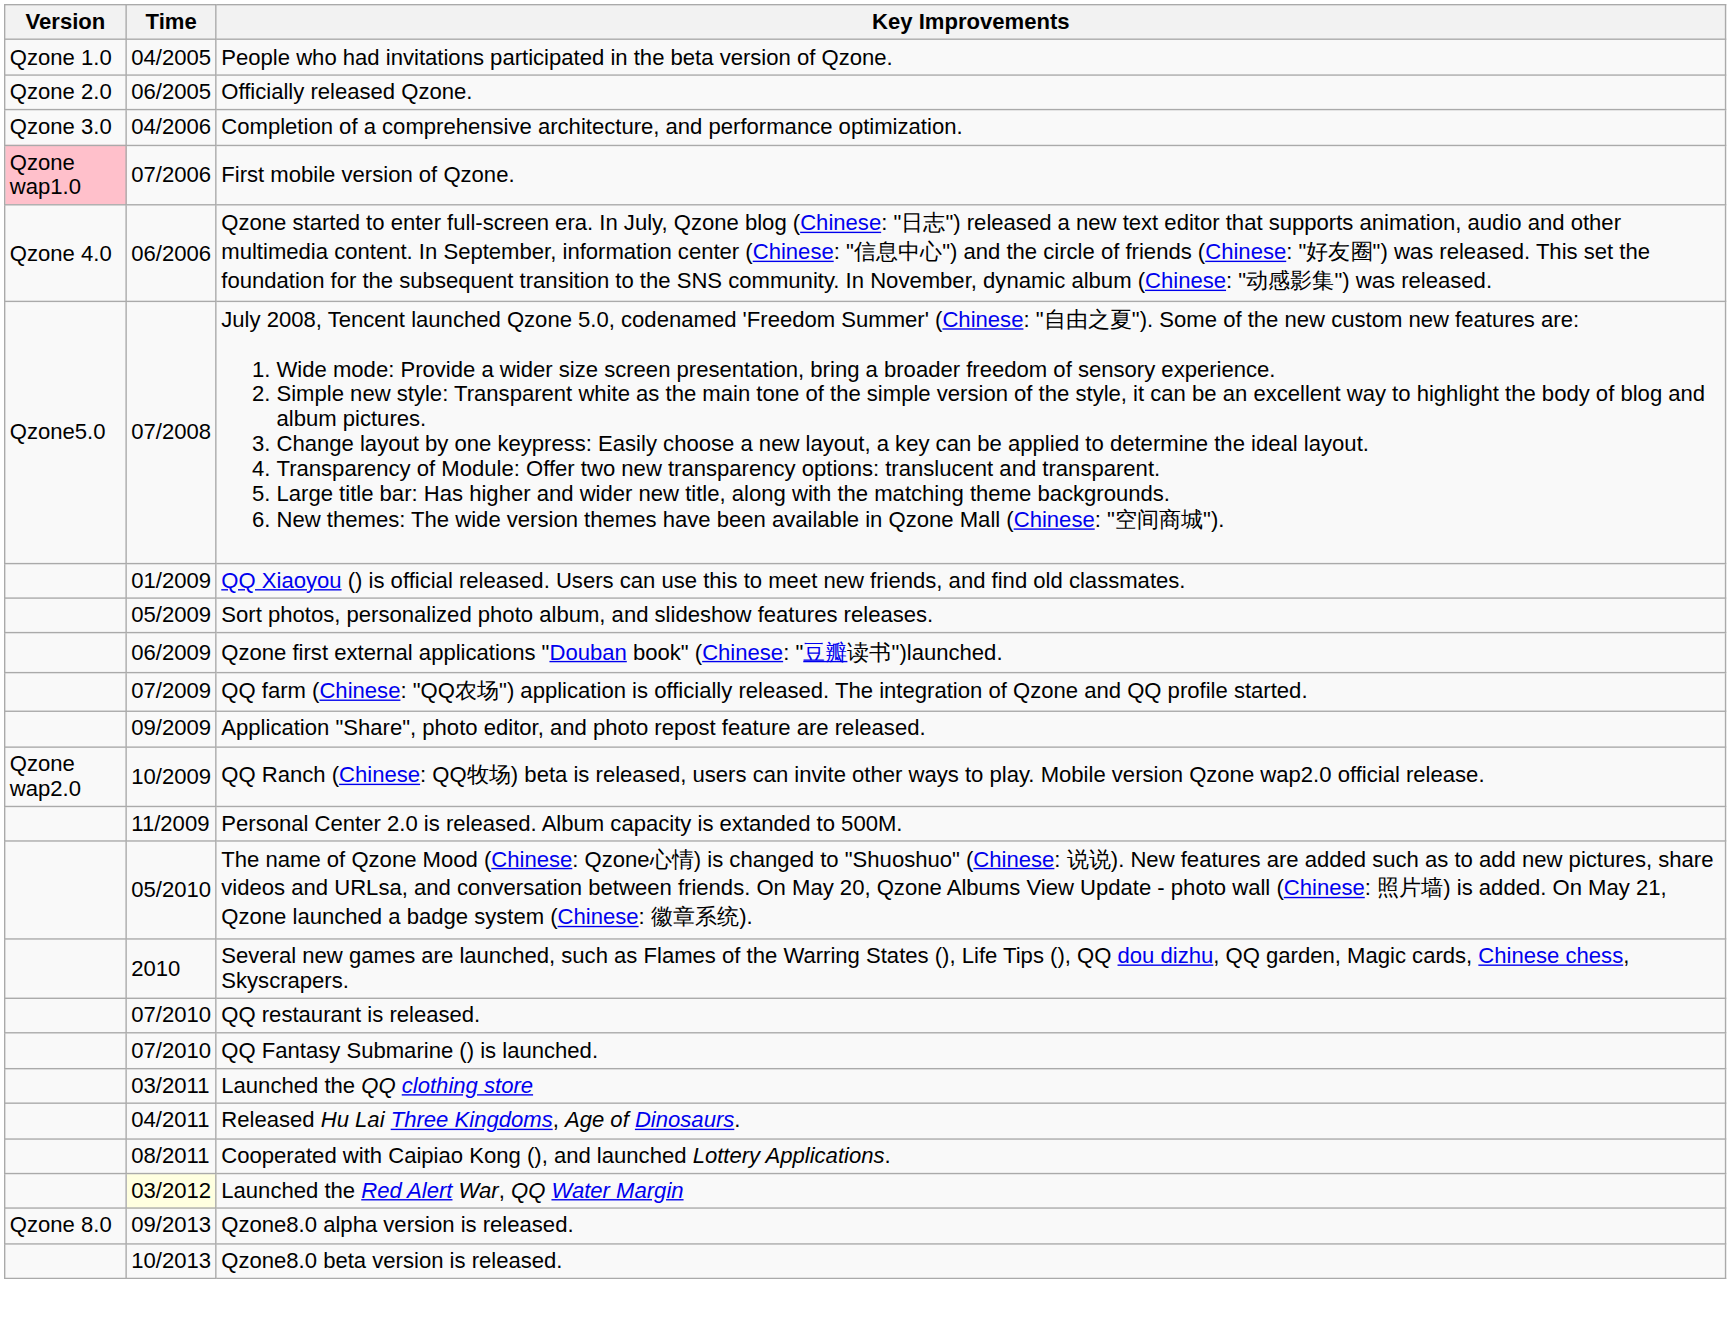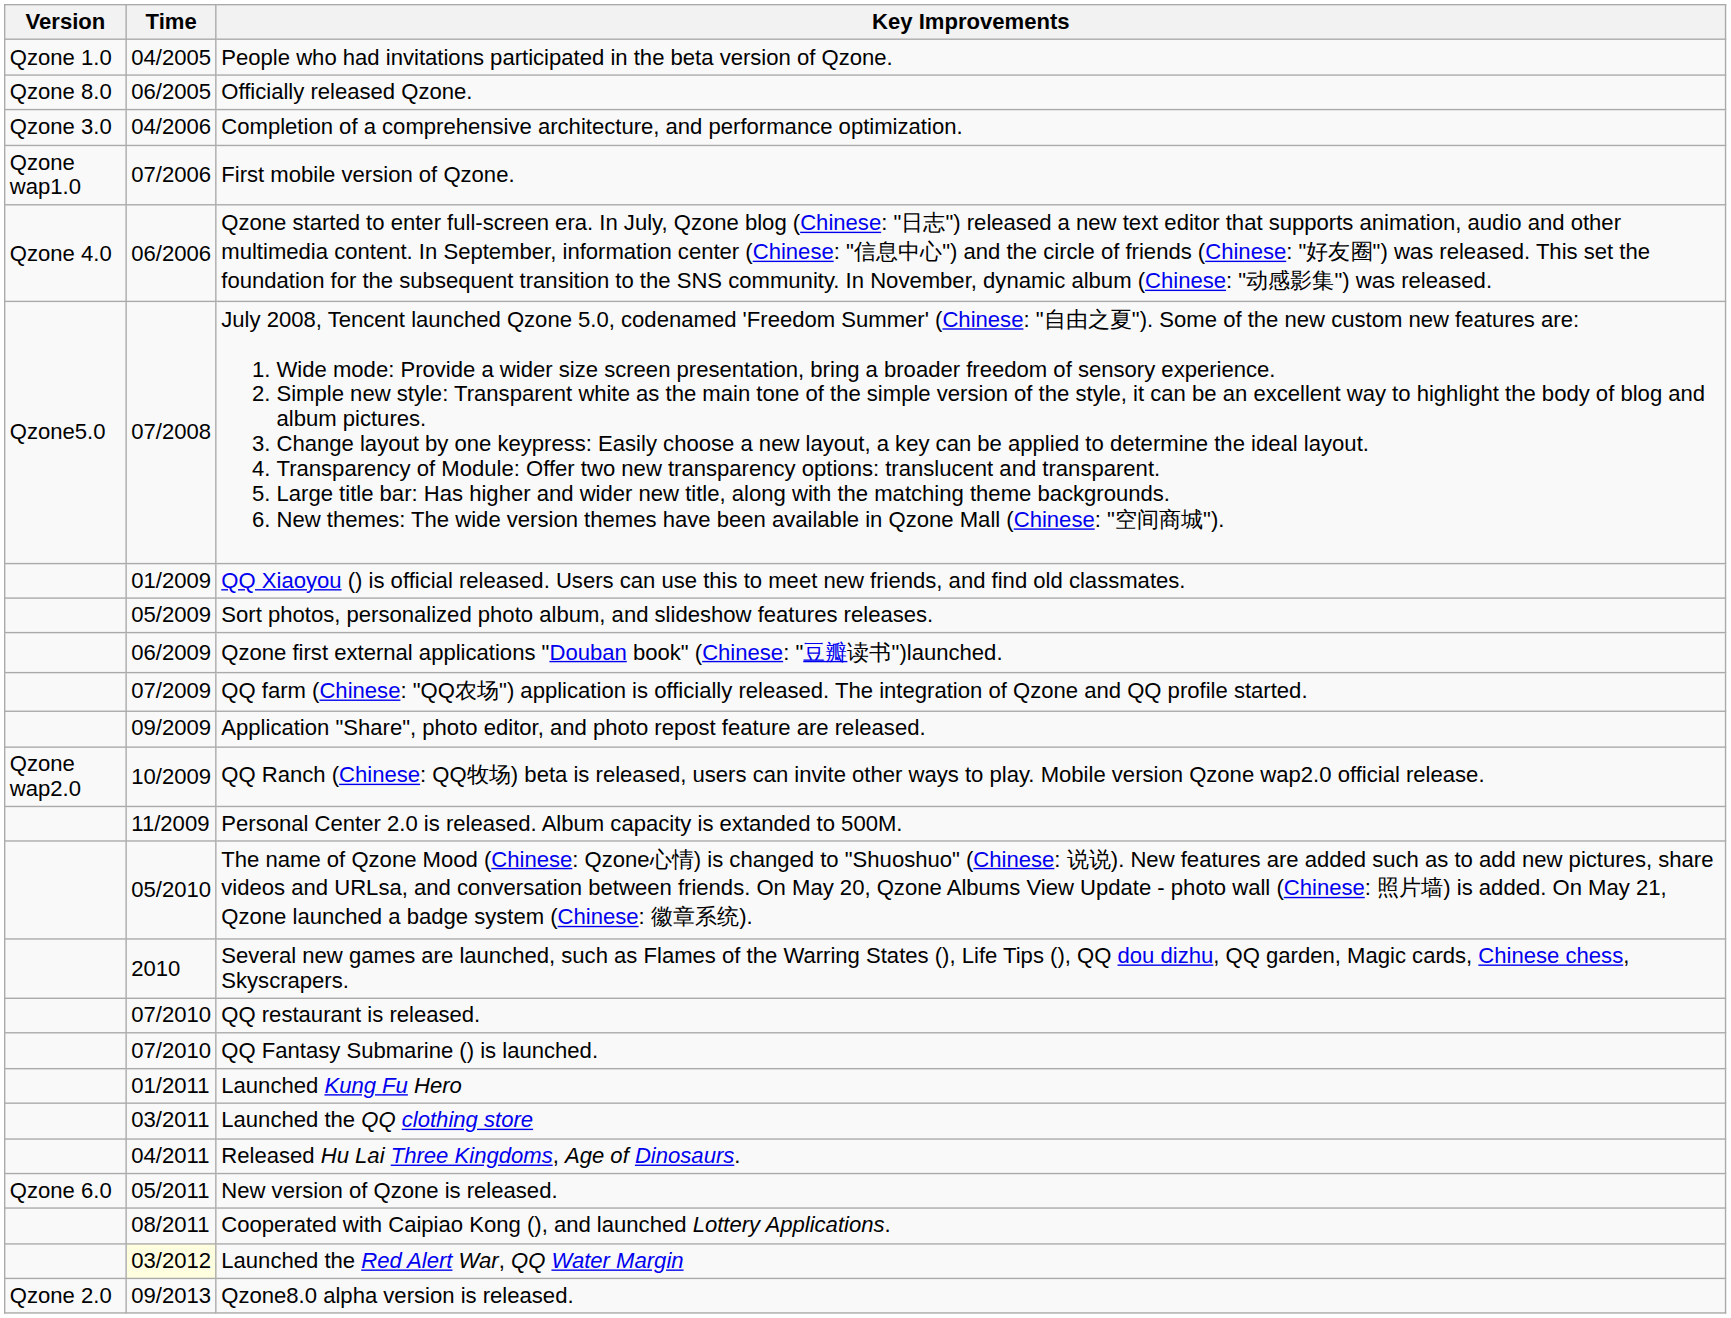 <table class="wikitable">
 <tr>
 <th>Version</th>
 <th>Time</th>
 <th>Key Improvements</th>
 </tr>
 <tr>
 <td>Qzone 1.0</td>
 <td>04/2005</td>
 <td>People who had invitations participated in the beta version of Qzone.</td>
 </tr>
 <tr>
-<td>Qzone 2.0</td>
+<td>Qzone 8.0</td>
 <td>06/2005</td>
 <td>Officially released Qzone.</td>
 </tr>
 <tr>
 <td>Qzone 3.0</td>
 <td>04/2006</td>
 <td>Completion of a comprehensive architecture, and performance optimization.</td>
 </tr>
 <tr>
-<td style="background: pink;">Qzone wap1.0</td>
+<td>Qzone wap1.0</td>
 <td>07/2006</td>
 <td>First mobile version of Qzone.</td>
 </tr>
 <tr>
 <td>Qzone 4.0</td>
 <td>06/2006</td>
 <td>Qzone started to enter full-screen era. In July, Qzone blog (<a href='#'>Chinese</a>: "日志") released a new text editor that supports animation, audio and other multimedia content. In September, information center (<a href='#'>Chinese</a>: "信息中心") and the circle of friends (<a href='#'>Chinese</a>: "好友圈") was released. This set the foundation for the subsequent transition to the SNS community. In November, dynamic album (<a href='#'>Chinese</a>: "动感影集") was released.</td>
 </tr>
 <tr>
 <td>Qzone5.0</td>
 <td>07/2008</td>
 <td>July 2008, Tencent launched Qzone 5.0, codenamed 'Freedom Summer' (<a href='#'>Chinese</a>: "自由之夏"). Some of the new custom new features are:<br><ol><li>Wide mode: Provide a wider size screen presentation, bring a broader freedom of sensory experience.</li><li>Simple new style: Transparent white as the main tone of the simple version of the style, it can be an excellent way to highlight the body of blog and album pictures.</li><li>Change layout by one keypress: Easily choose a new layout, a key can be applied to determine the ideal layout.</li><li>Transparency of Module: Offer two new transparency options: translucent and transparent.</li><li>Large title bar: Has higher and wider new title, along with the matching theme backgrounds.</li><li>New themes: The wide version themes have been  available in Qzone Mall (<a href='#'>Chinese</a>: "空间商城").</li></ol></td>
 </tr>
 <tr>
 <td></td>
 <td>01/2009</td>
 <td><a href='#'>QQ Xiaoyou</a> () is official released. Users can use this to meet new friends, and find old classmates.</td>
 </tr>
 <tr>
 <td></td>
 <td>05/2009</td>
 <td>Sort photos, personalized photo album, and slideshow features releases.</td>
 </tr>
 <tr>
 <td></td>
 <td>06/2009</td>
 <td>Qzone first external applications "<a href='#'>Douban</a> book" (<a href='#'>Chinese</a>: "<a href='#'>豆瓣</a>读书")launched.</td>
 </tr>
 <tr>
 <td></td>
 <td>07/2009</td>
 <td>QQ farm (<a href='#'>Chinese</a>: "QQ农场") application is officially released. The integration of Qzone and QQ profile started.</td>
 </tr>
 <tr>
 <td></td>
 <td>09/2009</td>
 <td>Application "Share", photo editor, and photo repost feature are released.</td>
 </tr>
 <tr>
 <td>Qzone wap2.0</td>
 <td>10/2009</td>
 <td>QQ Ranch (<a href='#'>Chinese</a>: QQ牧场) beta is released, users can invite other ways to play. Mobile version Qzone wap2.0 official release.</td>
 </tr>
 <tr>
 <td></td>
 <td>11/2009</td>
 <td>Personal Center 2.0 is released. Album capacity is extanded to 500M.</td>
 </tr>
 <tr>
 <td></td>
 <td>05/2010</td>
 <td>The name of Qzone Mood (<a href='#'>Chinese</a>: Qzone心情) is changed to "Shuoshuo" (<a href='#'>Chinese</a>: 说说). New features are added such as to add new pictures, share videos and URLsa, and conversation between friends. On May 20, Qzone Albums View Update - photo wall (<a href='#'>Chinese</a>: 照片墙) is added. On May 21, Qzone launched a badge system (<a href='#'>Chinese</a>: 徽章系统).</td>
 </tr>
 <tr>
 <td></td>
 <td>2010</td>
 <td>Several new games are launched, such as Flames of the Warring States (), Life Tips (), QQ <a href='#'>dou dizhu</a>, QQ garden, Magic cards, <a href='#'>Chinese chess</a>, Skyscrapers.</td>
 </tr>
 <tr>
 <td></td>
 <td>07/2010</td>
 <td>QQ restaurant is released.</td>
 </tr>
 <tr>
 <td></td>
 <td>07/2010</td>
 <td>QQ Fantasy Submarine () is launched.</td>
 </tr>
 <tr>
 <td></td>
+<td>01/2011</td>
+<td>Launched <em><a href='#'>Kung Fu</a> Hero</em></td>
+</tr>
+<tr>
+<td></td>
 <td>03/2011</td>
 <td>Launched the <em>QQ <a href='#'>clothing store</a></em></td>
 </tr>
 <tr>
 <td></td>
 <td>04/2011</td>
 <td>Released <em>Hu Lai <a href='#'>Three Kingdoms</a></em>, <em>Age of <a href='#'>Dinosaurs</a></em>.</td>
+</tr>
+<tr>
+<td>Qzone 6.0</td>
+<td>05/2011</td>
+<td>New version of Qzone is released.</td>
 </tr>
 <tr>
 <td></td>
 <td>08/2011</td>
 <td>Cooperated with Caipiao Kong (), and launched <em>Lottery Applications</em>.</td>
 </tr>
 <tr>
 <td></td>
 <td style="background: lightyellow;">03/2012</td>
 <td>Launched the <em><a href='#'>Red Alert</a> War</em>, <em>QQ <a href='#'>Water Margin</a></em></td>
 </tr>
 <tr>
-<td>Qzone 8.0</td>
+<td>Qzone 2.0</td>
 <td>09/2013</td>
 <td>Qzone8.0 alpha version is released.</td>
 </tr>
-<tr>
-<td></td>
-<td>10/2013</td>
-<td>Qzone8.0 beta version is released.</td>
-</tr>
 </table>
